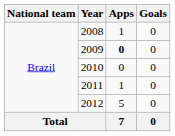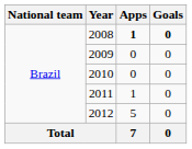 <table class="wikitable" style="text-align:center">
 <tr>
 <th>National team</th>
 <th>Year</th>
 <th>Apps</th>
 <th>Goals</th>
 </tr>
 <tr>
 <td rowspan="5"><a href='#'>Brazil</a></td>
 <td>2008</td>
-<td>1</td>
-<td>0</td>
+<td><strong>1</strong></td>
+<td><strong>0</strong></td>
 </tr>
 <tr>
 <td>2009</td>
-<td><strong>0</strong></td>
+<td>0</td>
 <td>0</td>
 </tr>
 <tr>
 <td>2010</td>
 <td>0</td>
 <td>0</td>
 </tr>
 <tr>
 <td>2011</td>
 <td>1</td>
 <td>0</td>
 </tr>
 <tr>
 <td>2012</td>
 <td>5</td>
 <td>0</td>
 </tr>
 <tr>
 <th colspan="2">Total</th>
 <th>7</th>
 <th>0</th>
 </tr>
 </table>
